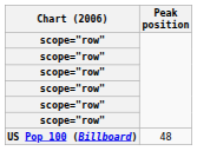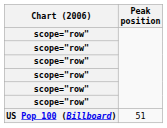 <table class="wikitable sortable plainrowheaders" style="text-align:center;">
 <tr>
 <th scope="col">Chart (2006)</th>
 <th scope="col">Peak<br>position</th>
 </tr>
 <tr>
 <th>scope="row"</th>
 </tr>
 <tr>
 <th>scope="row"</th>
 </tr>
 <tr>
 <th>scope="row"</th>
 </tr>
 <tr>
 <th>scope="row"</th>
 </tr>
 <tr>
 <th>scope="row"</th>
 </tr>
 <tr>
 <th>scope="row" </th>
 </tr>
 <tr>
 <th scope="row">US <a href='#'>Pop 100</a> (<em><a href='#'>Billboard</a></em>)</th>
-<td align="center">48</td>
+<td align="center">51</td>
 </tr>
 </table>
